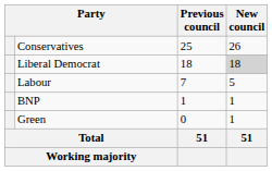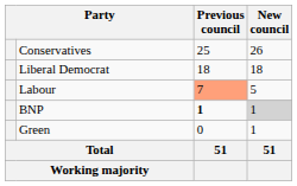 <table class="wikitable">
 <tr>
 <th valign=top colspan="2" style="width: 230px">Party</th>
 <th valign=top style="width: 30px">Previous council</th>
 <th valign=top style="width: 30px">New council</th>
 </tr>
 <tr>
 <th style="background-color: "></th>
 <td>Conservatives</td>
 <td>25</td>
 <td>26</td>
 </tr>
 <tr>
 <th style="background-color: "></th>
 <td>Liberal Democrat</td>
 <td>18</td>
-<td style="background: lightgrey;">18</td>
+<td>18</td>
 </tr>
 <tr>
 <th style="background-color: "></th>
 <td>Labour</td>
-<td>7</td>
+<td style="background: lightsalmon;">7</td>
 <td>5</td>
 </tr>
 <tr>
 <th style="background-color: "></th>
 <td>BNP</td>
-<td>1</td>
-<td>1</td>
+<td><strong>1</strong></td>
+<td style="background: lightgrey;">1</td>
 </tr>
 <tr>
 <th style="background-color: "></th>
 <td>Green</td>
 <td>0</td>
 <td>1</td>
 </tr>
 <tr>
 <th colspan=2>Total</th>
 <th style="text-align: center">51</th>
 <th colspan=3>51</th>
 </tr>
 <tr>
 <th colspan=2>Working majority</th>
 <th></th>
 <th></th>
 </tr>
 </table>
